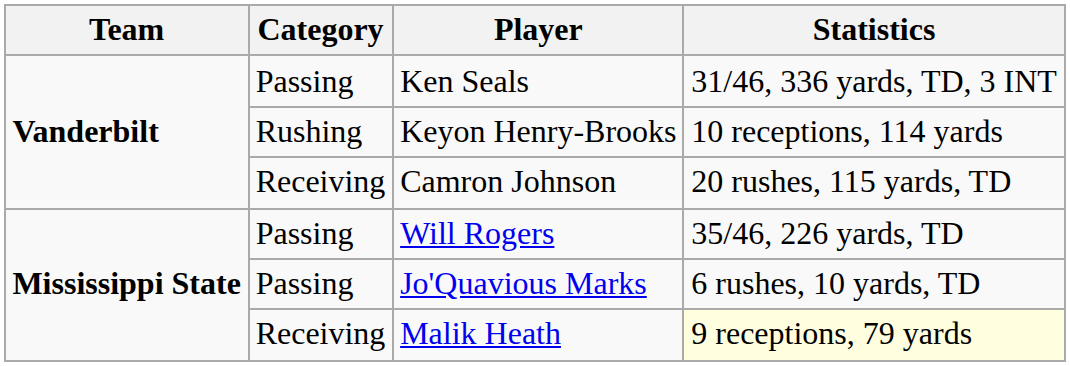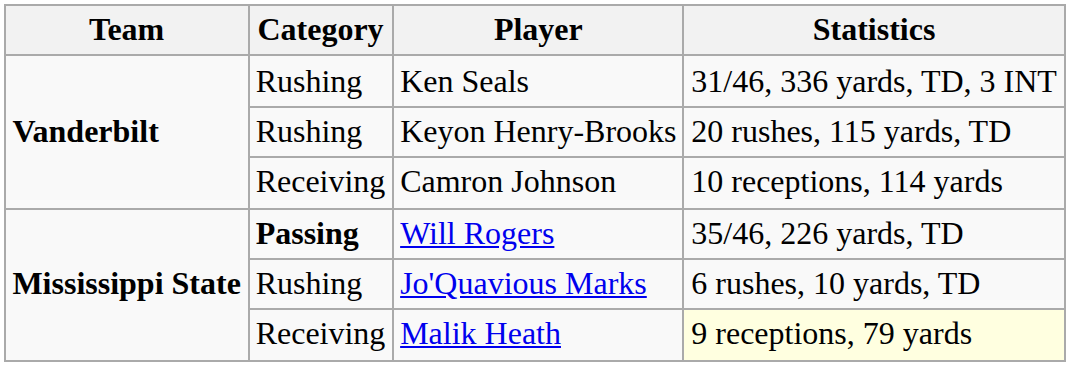 <table class="wikitable" style="float: left;">
 <tr>
 <th>Team</th>
 <th>Category</th>
 <th>Player</th>
 <th>Statistics</th>
 </tr>
 <tr>
 <td rowspan=3><strong>Vanderbilt</strong></td>
-<td>Passing</td>
+<td>Rushing</td>
 <td>Ken Seals</td>
 <td>31/46, 336 yards, TD, 3 INT</td>
 </tr>
 <tr>
 <td>Rushing</td>
 <td>Keyon Henry-Brooks</td>
-<td>10 receptions, 114 yards</td>
+<td>20 rushes, 115 yards, TD</td>
 </tr>
 <tr>
 <td>Receiving</td>
 <td>Camron Johnson</td>
-<td>20 rushes, 115 yards, TD</td>
+<td>10 receptions, 114 yards</td>
 </tr>
 <tr>
 <td rowspan=3><strong>Mississippi State</strong></td>
-<td>Passing</td>
+<td><strong>Passing</strong></td>
 <td><a href='#'>Will Rogers</a></td>
 <td>35/46, 226 yards, TD</td>
 </tr>
 <tr>
-<td>Passing</td>
+<td>Rushing</td>
 <td><a href='#'>Jo'Quavious Marks</a></td>
 <td>6 rushes, 10 yards, TD</td>
 </tr>
 <tr>
 <td>Receiving</td>
 <td><a href='#'>Malik Heath</a></td>
 <td style="background: lightyellow;">9 receptions, 79 yards</td>
 </tr>
 </table>
